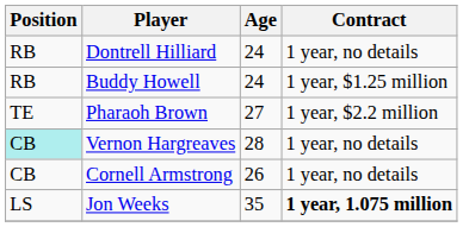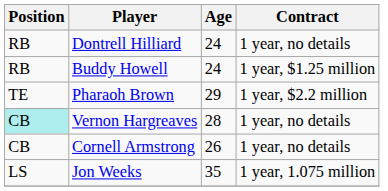 <table class="wikitable">
 <tr>
 <th>Position</th>
 <th>Player</th>
 <th>Age</th>
 <th>Contract</th>
 </tr>
 <tr>
 <td>RB</td>
 <td><a href='#'>Dontrell Hilliard</a></td>
 <td>24</td>
 <td>1 year, no details</td>
 </tr>
 <tr>
 <td>RB</td>
 <td><a href='#'>Buddy Howell</a></td>
 <td>24</td>
 <td>1 year, $1.25 million</td>
 </tr>
 <tr>
 <td>TE</td>
 <td><a href='#'>Pharaoh Brown</a></td>
-<td>27</td>
+<td>29</td>
 <td>1 year, $2.2 million</td>
 </tr>
 <tr>
 <td style="background: paleturquoise;">CB</td>
 <td><a href='#'>Vernon Hargreaves</a></td>
 <td>28</td>
 <td>1 year, no details</td>
 </tr>
 <tr>
 <td>CB</td>
 <td><a href='#'>Cornell Armstrong</a></td>
 <td>26</td>
 <td>1 year, no details</td>
 </tr>
 <tr>
 <td>LS</td>
 <td><a href='#'>Jon Weeks</a></td>
 <td>35</td>
-<td><strong>1 year, 1.075 million</strong></td>
+<td>1 year, 1.075 million</td>
 </tr>
 <tr>
 </tr>
 </table>
